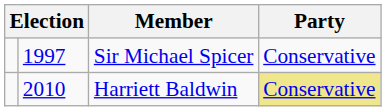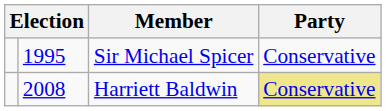 <table class="wikitable">
 <tr>
 <th colspan="2">Election</th>
 <th>Member</th>
 <th>Party</th>
 </tr>
 <tr>
 <td style="color:inherit;background-color: "></td>
-<td><a href='#'>1997</a></td>
+<td><a href='#'>1995</a></td>
 <td><a href='#'>Sir Michael Spicer</a></td>
 <td><a href='#'>Conservative</a></td>
 </tr>
 <tr>
 <td style="color:inherit;background-color: "></td>
-<td><a href='#'>2010</a></td>
+<td><a href='#'>2008</a></td>
 <td><a href='#'>Harriett Baldwin</a></td>
 <td style="background: khaki;"><a href='#'>Conservative</a></td>
 </tr>
 </table>
